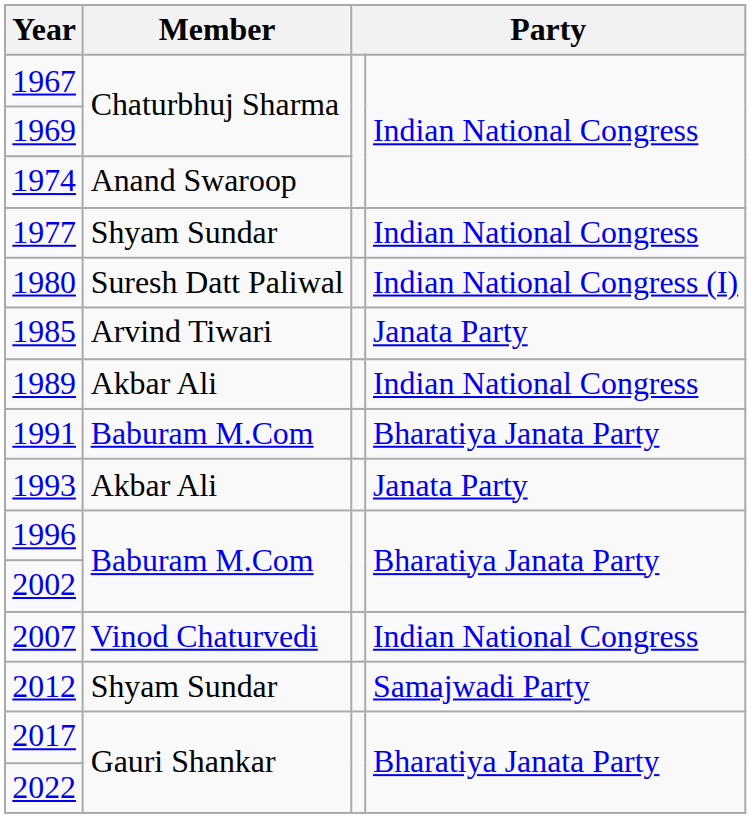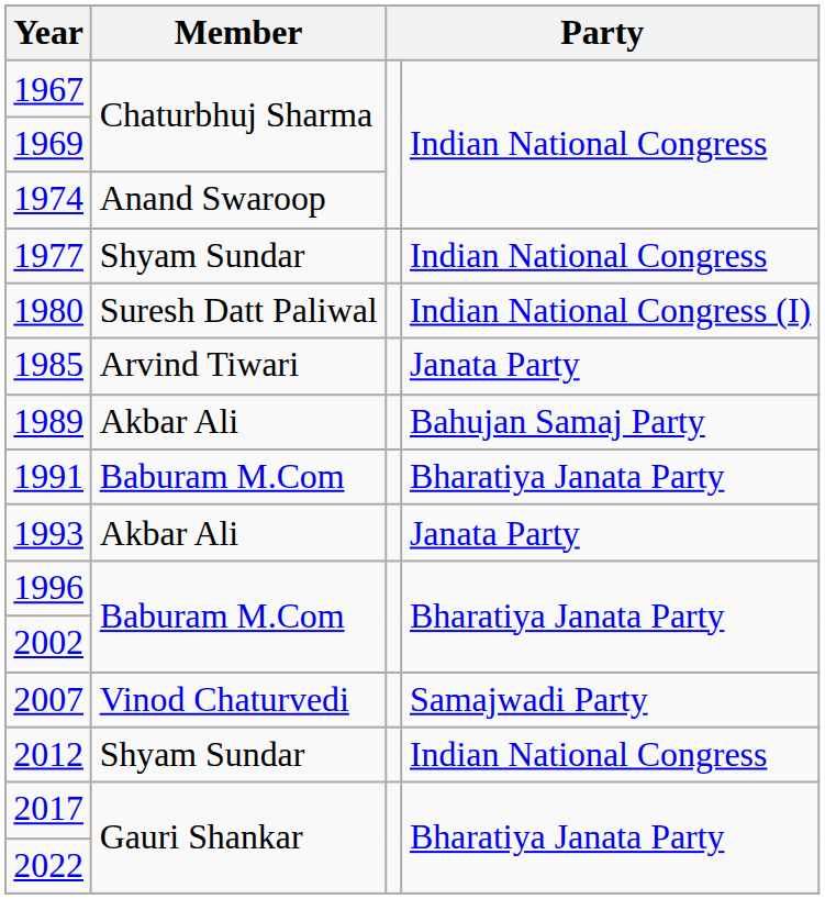 <table class="wikitable">
 <tr>
 <th>Year</th>
 <th>Member</th>
 <th colspan="2">Party</th>
 </tr>
 <tr>
 <td><a href='#'>1967</a></td>
 <td rowspan="2">Chaturbhuj Sharma</td>
 <td rowspan="3" style="background-color: "></td>
 <td rowspan="3"><a href='#'>Indian National Congress</a></td>
 </tr>
 <tr>
 <td><a href='#'>1969</a></td>
 </tr>
 <tr>
 <td><a href='#'>1974</a></td>
 <td>Anand Swaroop</td>
 </tr>
 <tr>
 <td><a href='#'>1977</a></td>
 <td>Shyam Sundar</td>
 <td style="background-color: "></td>
 <td><a href='#'>Indian National Congress</a></td>
 </tr>
 <tr>
 <td><a href='#'>1980</a></td>
 <td>Suresh Datt Paliwal</td>
 <td style="background-color: "></td>
 <td><a href='#'>Indian National Congress (I)</a></td>
 </tr>
 <tr>
 <td><a href='#'>1985</a></td>
 <td>Arvind Tiwari</td>
 <td style="background-color: "></td>
 <td><a href='#'>Janata Party</a></td>
 </tr>
 <tr>
 <td><a href='#'>1989</a></td>
 <td>Akbar Ali</td>
 <td style="background-color: "></td>
-<td><a href='#'>Indian National Congress</a></td>
+<td><a href='#'>Bahujan Samaj Party</a></td>
 </tr>
 <tr>
 <td><a href='#'>1991</a></td>
 <td><a href='#'>Baburam M.Com</a></td>
 <td style="background-color: "></td>
 <td><a href='#'>Bharatiya Janata Party</a></td>
 </tr>
 <tr>
 <td><a href='#'>1993</a></td>
 <td>Akbar Ali</td>
 <td style="background-color: "></td>
 <td><a href='#'>Janata Party</a></td>
 </tr>
 <tr>
 <td><a href='#'>1996</a></td>
 <td rowspan="2"><a href='#'>Baburam M.Com</a></td>
 <td rowspan="2" style="background-color: "></td>
 <td rowspan="2"><a href='#'>Bharatiya Janata Party</a></td>
 </tr>
 <tr>
 <td><a href='#'>2002</a></td>
 </tr>
 <tr>
 <td><a href='#'>2007</a></td>
 <td><a href='#'>Vinod Chaturvedi</a></td>
 <td style="background-color: "></td>
-<td><a href='#'>Indian National Congress</a></td>
+<td><a href='#'>Samajwadi Party</a></td>
 </tr>
 <tr>
 <td><a href='#'>2012</a></td>
 <td>Shyam Sundar</td>
 <td style="background-color: "></td>
-<td><a href='#'>Samajwadi Party</a></td>
+<td><a href='#'>Indian National Congress</a></td>
 </tr>
 <tr>
 <td><a href='#'>2017</a></td>
 <td rowspan="2">Gauri Shankar</td>
 <td rowspan="2" style="background-color: "></td>
 <td rowspan="2"><a href='#'>Bharatiya Janata Party</a></td>
 </tr>
 <tr>
 <td><a href='#'>2022</a></td>
 </tr>
 </table>
